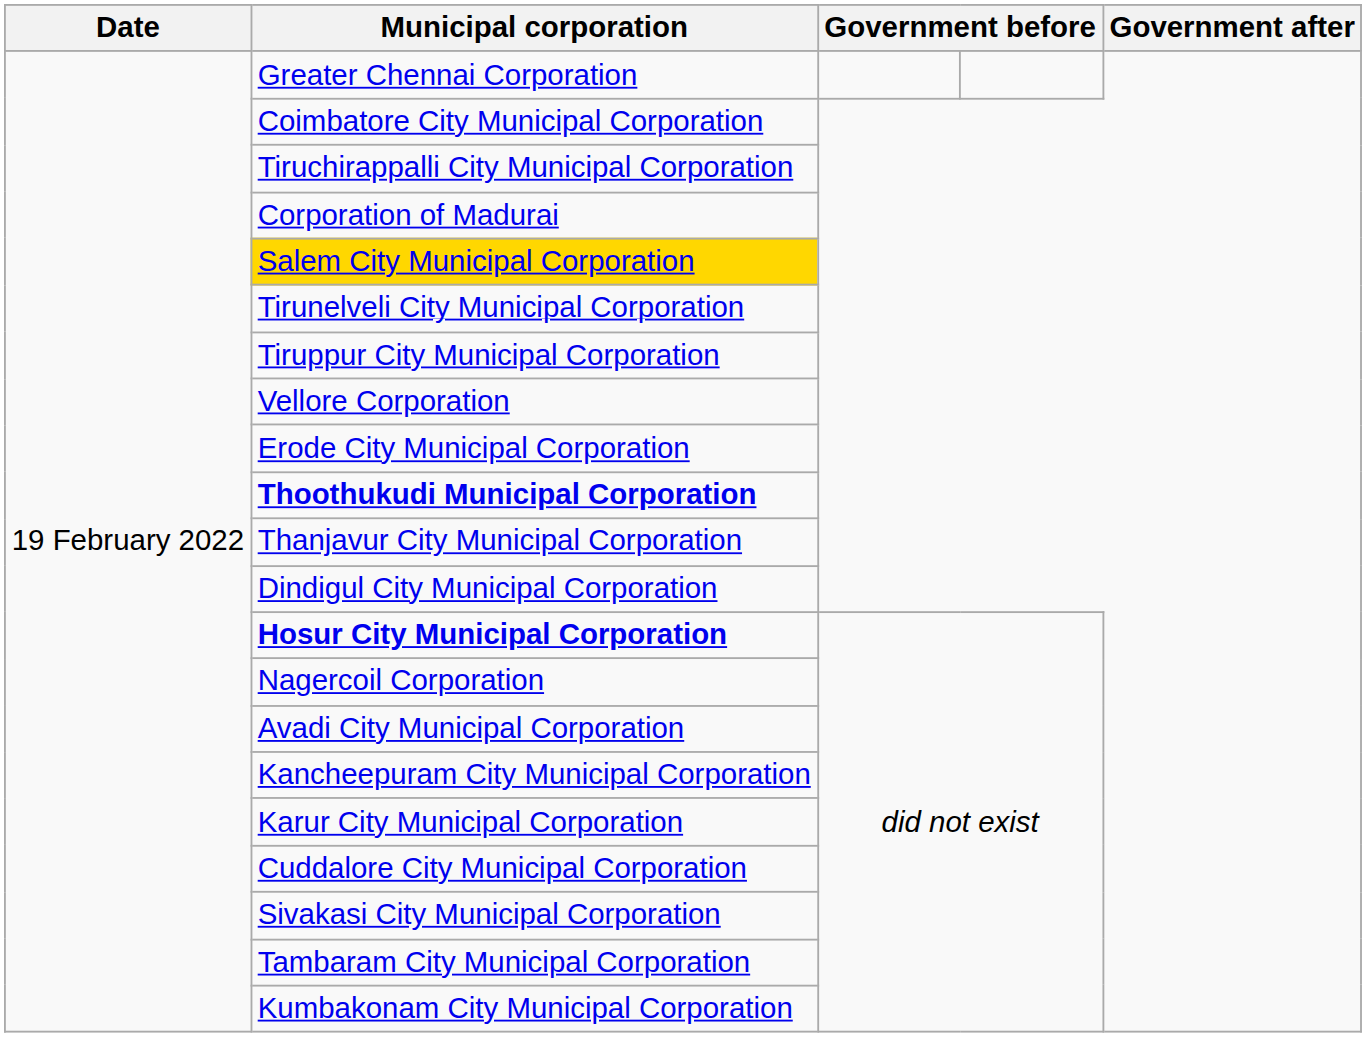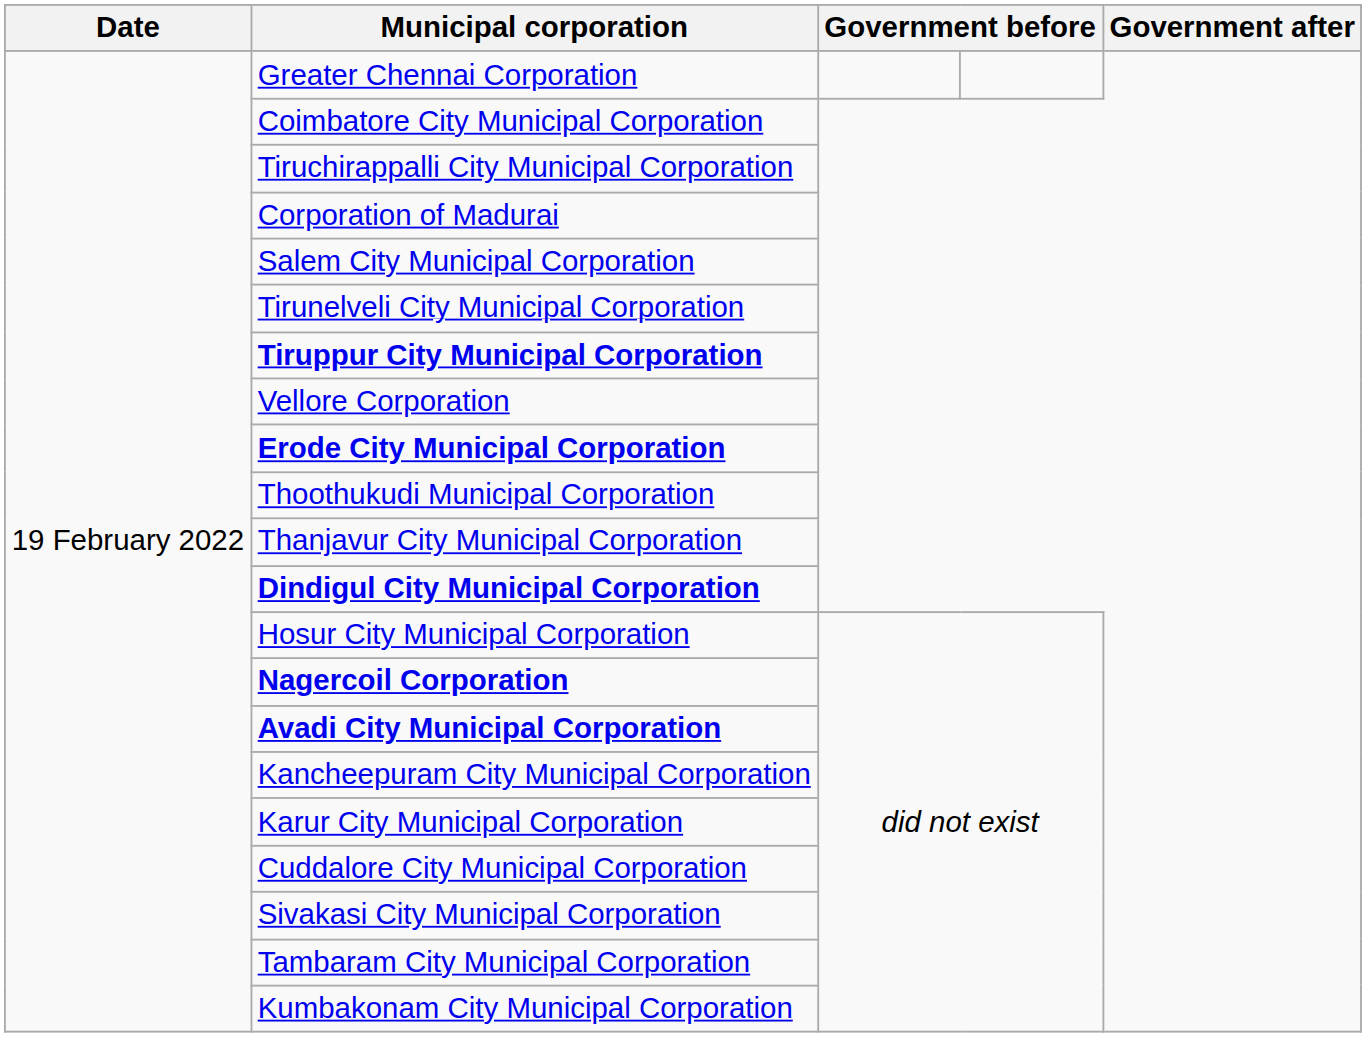 <table class="wikitable sortable">
 <tr>
 <th>Date</th>
 <th>Municipal corporation</th>
 <th colspan="2">Government before</th>
 <th colspan="2">Government after</th>
 </tr>
 <tr>
 <td rowspan="21">19 February 2022</td>
 <td><a href='#'>Greater Chennai Corporation</a></td>
 <td></td>
 <td></td>
 </tr>
 <tr>
 <td><a href='#'>Coimbatore City Municipal Corporation</a></td>
 </tr>
 <tr>
 <td><a href='#'>Tiruchirappalli City Municipal Corporation</a></td>
 </tr>
 <tr>
 <td><a href='#'>Corporation of Madurai</a></td>
 </tr>
 <tr>
-<td style="background: gold;"><a href='#'>Salem City Municipal Corporation</a></td>
+<td><a href='#'>Salem City Municipal Corporation</a></td>
 </tr>
 <tr>
 <td><a href='#'>Tirunelveli City Municipal Corporation</a></td>
 </tr>
 <tr>
-<td><a href='#'>Tiruppur City Municipal Corporation</a></td>
+<td><strong><a href='#'>Tiruppur City Municipal Corporation</a></strong></td>
 </tr>
 <tr>
 <td><a href='#'>Vellore Corporation</a></td>
 </tr>
 <tr>
-<td><a href='#'>Erode City Municipal Corporation</a></td>
+<td><strong><a href='#'>Erode City Municipal Corporation</a></strong></td>
 </tr>
 <tr>
-<td><strong><a href='#'>Thoothukudi Municipal Corporation</a></strong></td>
+<td><a href='#'>Thoothukudi Municipal Corporation</a></td>
 </tr>
 <tr>
 <td><a href='#'>Thanjavur City Municipal Corporation</a></td>
 </tr>
 <tr>
-<td><a href='#'>Dindigul City Municipal Corporation</a></td>
+<td><strong><a href='#'>Dindigul City Municipal Corporation</a></strong></td>
 </tr>
 <tr>
-<td><strong><a href='#'>Hosur City Municipal Corporation</a></strong></td>
+<td><a href='#'>Hosur City Municipal Corporation</a></td>
 <td colspan="2" rowspan="9" style="text-align:center;"><em>did not exist</em></td>
 </tr>
 <tr>
-<td><a href='#'>Nagercoil Corporation</a></td>
+<td><strong><a href='#'>Nagercoil Corporation</a></strong></td>
 </tr>
 <tr>
-<td><a href='#'>Avadi City Municipal Corporation</a></td>
+<td><strong><a href='#'>Avadi City Municipal Corporation</a></strong></td>
 </tr>
 <tr>
 <td><a href='#'>Kancheepuram City Municipal Corporation</a></td>
 </tr>
 <tr>
 <td><a href='#'>Karur City Municipal Corporation</a></td>
 </tr>
 <tr>
 <td><a href='#'>Cuddalore City Municipal Corporation</a></td>
 </tr>
 <tr>
 <td><a href='#'>Sivakasi City Municipal Corporation</a></td>
 </tr>
 <tr>
 <td><a href='#'>Tambaram City Municipal Corporation</a></td>
 </tr>
 <tr>
 <td><a href='#'>Kumbakonam City Municipal Corporation</a></td>
 </tr>
 </table>
